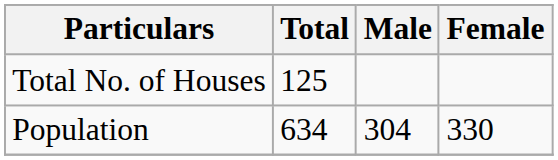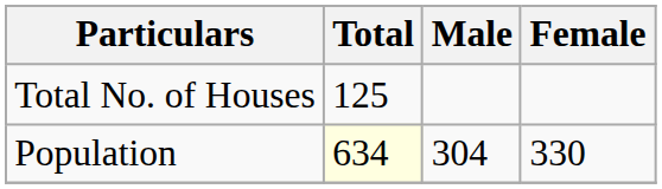 <table class="wikitable sortable">
 <tr>
 <th>Particulars</th>
 <th>Total</th>
 <th>Male</th>
 <th>Female</th>
 </tr>
 <tr>
 <td>Total No. of Houses</td>
 <td>125</td>
 <td></td>
 <td></td>
 </tr>
 <tr>
 <td>Population</td>
-<td>634</td>
+<td style="background: lightyellow;">634</td>
 <td>304</td>
 <td>330</td>
 </tr>
 <tr>
 </tr>
 </table>
